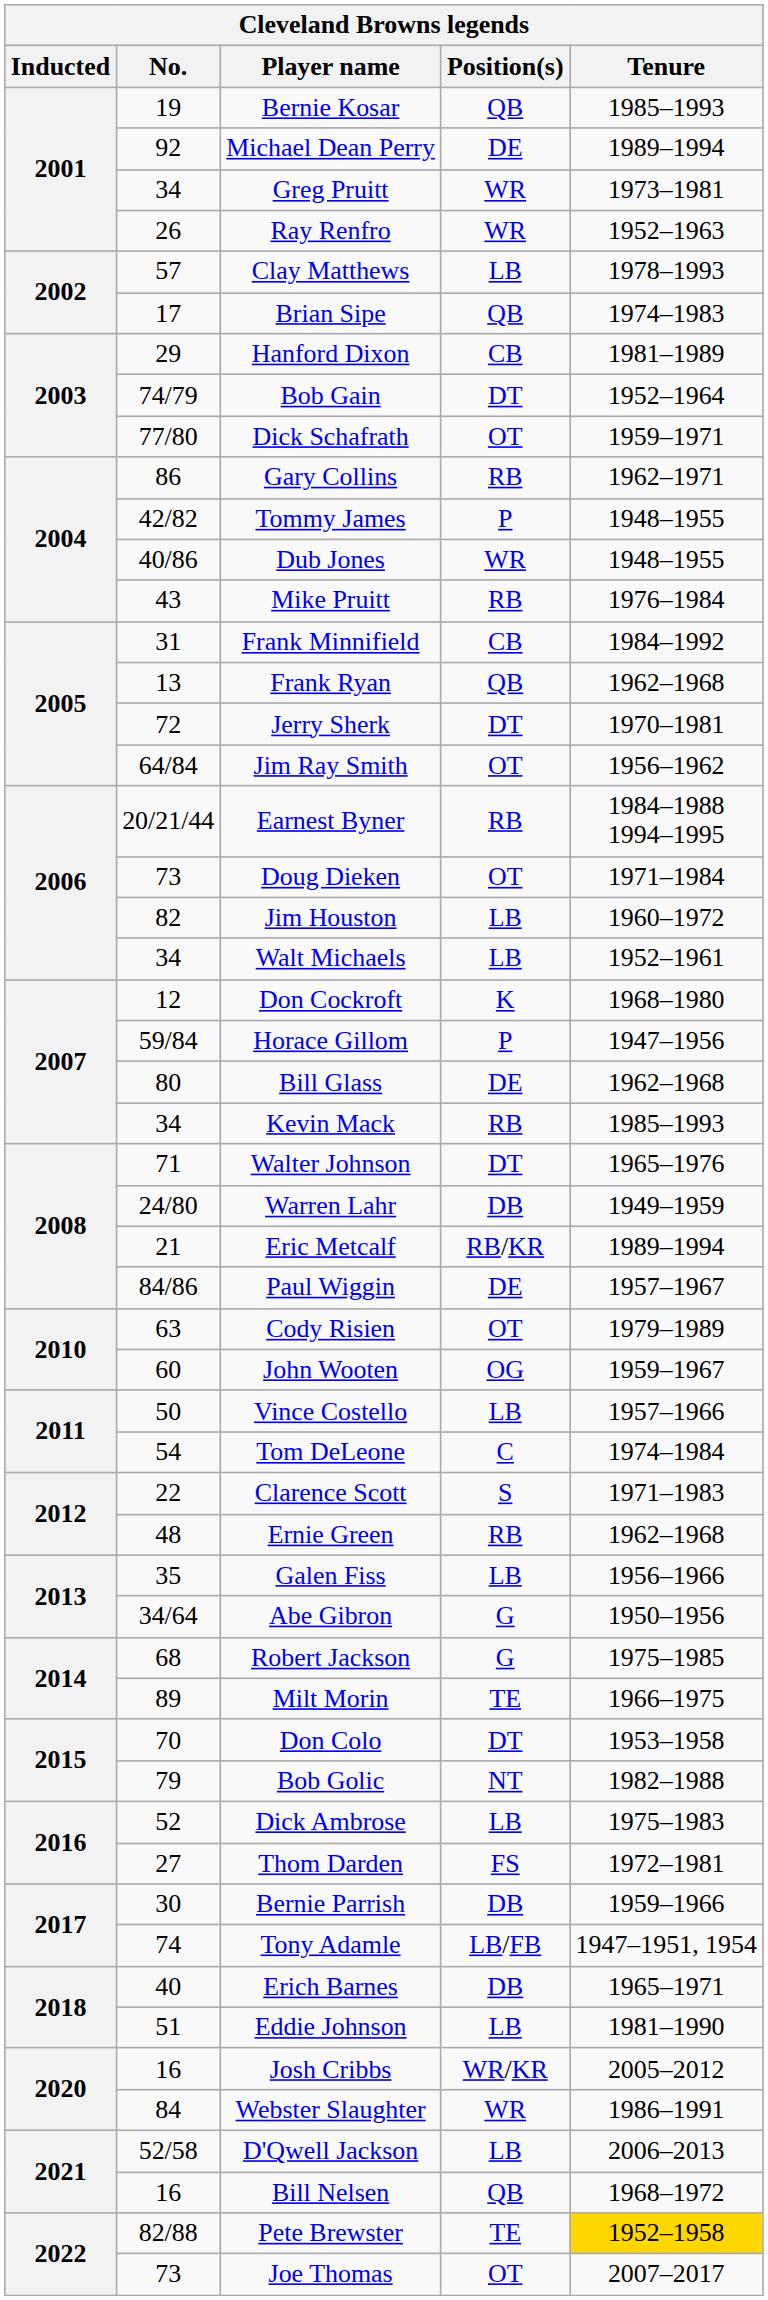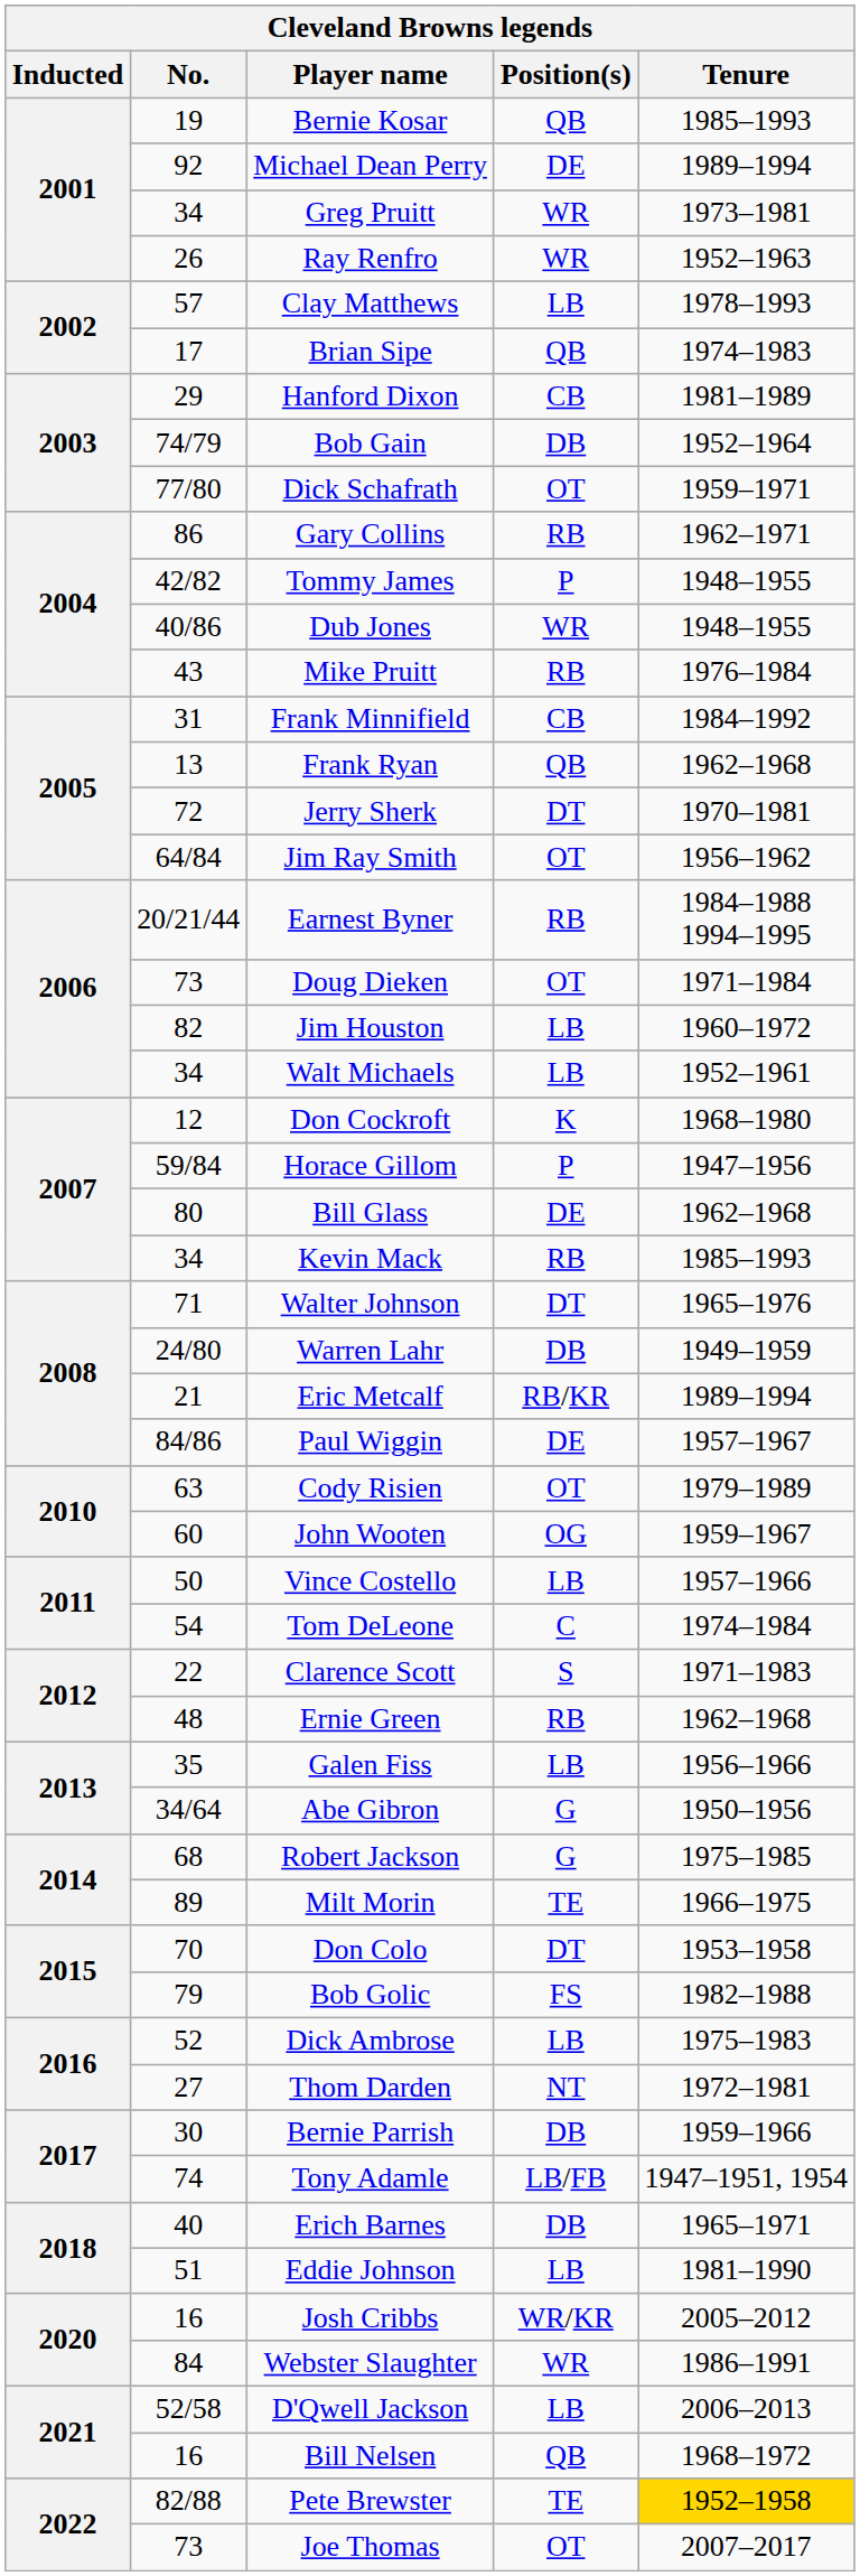 <table class="wikitable" style="text-align:center">
 <tr>
 <th colspan="5">Cleveland Browns legends</th>
 </tr>
 <tr>
 <th>Inducted</th>
 <th>No.</th>
 <th>Player name</th>
 <th>Position(s)</th>
 <th>Tenure</th>
 </tr>
 <tr>
 <th style="text-align:center;" rowspan=4>2001</th>
 <td style="text-align:center;">19</td>
 <td style="text-align:center;"><a href='#'>Bernie Kosar</a></td>
 <td style="text-align:center;"><a href='#'>QB</a></td>
 <td style="text-align:center;">1985–1993</td>
 </tr>
 <tr>
 <td style="text-align:center;">92</td>
 <td style="text-align:center;"><a href='#'>Michael Dean Perry</a></td>
 <td style="text-align:center;"><a href='#'>DE</a></td>
 <td style="text-align:center;">1989–1994</td>
 </tr>
 <tr>
 <td style="text-align:center;">34</td>
 <td style="text-align:center;"><a href='#'>Greg Pruitt</a></td>
 <td style="text-align:center;"><a href='#'>WR</a></td>
 <td style="text-align:center;">1973–1981</td>
 </tr>
 <tr>
 <td style="text-align:center;">26</td>
 <td style="text-align:center;"><a href='#'>Ray Renfro</a></td>
 <td style="text-align:center;"><a href='#'>WR</a></td>
 <td style="text-align:center;">1952–1963</td>
 </tr>
 <tr>
 <th style="text-align:center;" rowspan=2>2002</th>
 <td style="text-align:center;">57</td>
 <td style="text-align:center;"><a href='#'>Clay Matthews</a></td>
 <td style="text-align:center;"><a href='#'>LB</a></td>
 <td style="text-align:center;">1978–1993</td>
 </tr>
 <tr>
 <td style="text-align:center;">17</td>
 <td style="text-align:center;"><a href='#'>Brian Sipe</a></td>
 <td style="text-align:center;"><a href='#'>QB</a></td>
 <td style="text-align:center;">1974–1983</td>
 </tr>
 <tr>
 <th style="text-align:center;" rowspan=3>2003</th>
 <td style="text-align:center;">29</td>
 <td style="text-align:center;"><a href='#'>Hanford Dixon</a></td>
 <td style="text-align:center;"><a href='#'>CB</a></td>
 <td style="text-align:center;">1981–1989</td>
 </tr>
 <tr>
 <td style="text-align:center;">74/79</td>
 <td style="text-align:center;"><a href='#'>Bob Gain</a></td>
-<td style="text-align:center;"><a href='#'>DT</a></td>
+<td style="text-align:center;"><a href='#'>DB</a></td>
 <td style="text-align:center;">1952–1964</td>
 </tr>
 <tr>
 <td style="text-align:center;">77/80</td>
 <td style="text-align:center;"><a href='#'>Dick Schafrath</a></td>
 <td style="text-align:center;"><a href='#'>OT</a></td>
 <td style="text-align:center;">1959–1971</td>
 </tr>
 <tr>
 <th style="text-align:center;" rowspan=4>2004</th>
 <td style="text-align:center;">86</td>
 <td style="text-align:center;"><a href='#'>Gary Collins</a></td>
 <td style="text-align:center;"><a href='#'>RB</a></td>
 <td style="text-align:center;">1962–1971</td>
 </tr>
 <tr>
 <td style="text-align:center;">42/82</td>
 <td style="text-align:center;"><a href='#'>Tommy James</a></td>
 <td style="text-align:center;"><a href='#'>P</a></td>
 <td style="text-align:center;">1948–1955</td>
 </tr>
 <tr>
 <td style="text-align:center;">40/86</td>
 <td style="text-align:center;"><a href='#'>Dub Jones</a></td>
 <td style="text-align:center;"><a href='#'>WR</a></td>
 <td style="text-align:center;">1948–1955</td>
 </tr>
 <tr>
 <td style="text-align:center;">43</td>
 <td style="text-align:center;"><a href='#'>Mike Pruitt</a></td>
 <td style="text-align:center;"><a href='#'>RB</a></td>
 <td style="text-align:center;">1976–1984</td>
 </tr>
 <tr>
 <th style="text-align:center;" rowspan=4>2005</th>
 <td style="text-align:center;">31</td>
 <td style="text-align:center;"><a href='#'>Frank Minnifield</a></td>
 <td style="text-align:center;"><a href='#'>CB</a></td>
 <td style="text-align:center;">1984–1992</td>
 </tr>
 <tr>
 <td style="text-align:center;">13</td>
 <td style="text-align:center;"><a href='#'>Frank Ryan</a></td>
 <td style="text-align:center;"><a href='#'>QB</a></td>
 <td style="text-align:center;">1962–1968</td>
 </tr>
 <tr>
 <td style="text-align:center;">72</td>
 <td style="text-align:center;"><a href='#'>Jerry Sherk</a></td>
 <td style="text-align:center;"><a href='#'>DT</a></td>
 <td style="text-align:center;">1970–1981</td>
 </tr>
 <tr>
 <td style="text-align:center;">64/84</td>
 <td style="text-align:center;"><a href='#'>Jim Ray Smith</a></td>
 <td style="text-align:center;"><a href='#'>OT</a></td>
 <td style="text-align:center;">1956–1962</td>
 </tr>
 <tr>
 <th style="text-align:center;"  rowspan=4>2006</th>
 <td style="text-align:center;">20/21/44</td>
 <td style="text-align:center;"><a href='#'>Earnest Byner</a></td>
 <td style="text-align:center;"><a href='#'>RB</a></td>
 <td style="text-align:center;">1984–1988<br>1994–1995</td>
 </tr>
 <tr>
 <td style="text-align:center;">73</td>
 <td style="text-align:center;"><a href='#'>Doug Dieken</a></td>
 <td style="text-align:center;"><a href='#'>OT</a></td>
 <td style="text-align:center;">1971–1984</td>
 </tr>
 <tr>
 <td style="text-align:center;">82</td>
 <td style="text-align:center;"><a href='#'>Jim Houston</a></td>
 <td style="text-align:center;"><a href='#'>LB</a></td>
 <td style="text-align:center;">1960–1972</td>
 </tr>
 <tr>
 <td style="text-align:center;">34</td>
 <td style="text-align:center;"><a href='#'>Walt Michaels</a></td>
 <td style="text-align:center;"><a href='#'>LB</a></td>
 <td style="text-align:center;">1952–1961</td>
 </tr>
 <tr>
 <th style="text-align:center;"  rowspan=4>2007</th>
 <td style="text-align:center;">12</td>
 <td style="text-align:center;"><a href='#'>Don Cockroft</a></td>
 <td style="text-align:center;"><a href='#'>K</a></td>
 <td style="text-align:center;">1968–1980</td>
 </tr>
 <tr>
 <td style="text-align:center;">59/84</td>
 <td style="text-align:center;"><a href='#'>Horace Gillom</a></td>
 <td style="text-align:center;"><a href='#'>P</a></td>
 <td style="text-align:center;">1947–1956</td>
 </tr>
 <tr>
 <td style="text-align:center;">80</td>
 <td style="text-align:center;"><a href='#'>Bill Glass</a></td>
 <td style="text-align:center;"><a href='#'>DE</a></td>
 <td style="text-align:center;">1962–1968</td>
 </tr>
 <tr>
 <td style="text-align:center;">34</td>
 <td style="text-align:center;"><a href='#'>Kevin Mack</a></td>
 <td style="text-align:center;"><a href='#'>RB</a></td>
 <td style="text-align:center;">1985–1993</td>
 </tr>
 <tr>
 <th style="text-align:center;"  rowspan=4>2008</th>
 <td style="text-align:center;">71</td>
 <td style="text-align:center;"><a href='#'>Walter Johnson</a></td>
 <td style="text-align:center;"><a href='#'>DT</a></td>
 <td style="text-align:center;">1965–1976</td>
 </tr>
 <tr>
 <td style="text-align:center;">24/80</td>
 <td style="text-align:center;"><a href='#'>Warren Lahr</a></td>
 <td style="text-align:center;"><a href='#'>DB</a></td>
 <td style="text-align:center;">1949–1959</td>
 </tr>
 <tr>
 <td style="text-align:center;">21</td>
 <td style="text-align:center;"><a href='#'>Eric Metcalf</a></td>
 <td style="text-align:center;"><a href='#'>RB</a>/<a href='#'>KR</a></td>
 <td style="text-align:center;">1989–1994</td>
 </tr>
 <tr>
 <td style="text-align:center;">84/86</td>
 <td style="text-align:center;"><a href='#'>Paul Wiggin</a></td>
 <td style="text-align:center;"><a href='#'>DE</a></td>
 <td style="text-align:center;">1957–1967</td>
 </tr>
 <tr>
 <th style="text-align:center;" rowspan=2>2010</th>
 <td style="text-align:center;">63</td>
 <td style="text-align:center;"><a href='#'>Cody Risien</a></td>
 <td style="text-align:center;"><a href='#'>OT</a></td>
 <td style="text-align:center;">1979–1989</td>
 </tr>
 <tr>
 <td style="text-align:center;">60</td>
 <td style="text-align:center;"><a href='#'>John Wooten</a></td>
 <td style="text-align:center;"><a href='#'>OG</a></td>
 <td style="text-align:center;">1959–1967</td>
 </tr>
 <tr>
 <th style="text-align:center;" rowspan=2>2011</th>
 <td style="text-align:center;">50</td>
 <td style="text-align:center;"><a href='#'>Vince Costello</a></td>
 <td style="text-align:center;"><a href='#'>LB</a></td>
 <td style="text-align:center;">1957–1966</td>
 </tr>
 <tr>
 <td style="text-align:center;">54</td>
 <td style="text-align:center;"><a href='#'>Tom DeLeone</a></td>
 <td style="text-align:center;"><a href='#'>C</a></td>
 <td style="text-align:center;">1974–1984</td>
 </tr>
 <tr>
 <th style="text-align:center;" rowspan=2>2012</th>
 <td style="text-align:center;">22</td>
 <td style="text-align:center;"><a href='#'>Clarence Scott</a></td>
 <td style="text-align:center;"><a href='#'>S</a></td>
 <td style="text-align:center;">1971–1983</td>
 </tr>
 <tr>
 <td style="text-align:center;">48</td>
 <td style="text-align:center;"><a href='#'>Ernie Green</a></td>
 <td style="text-align:center;"><a href='#'>RB</a></td>
 <td style="text-align:center;">1962–1968</td>
 </tr>
 <tr>
 <th style="text-align:center;" rowspan=2>2013</th>
 <td style="text-align:center;">35</td>
 <td style="text-align:center;"><a href='#'>Galen Fiss</a></td>
 <td style="text-align:center;"><a href='#'>LB</a></td>
 <td style="text-align:center;">1956–1966</td>
 </tr>
 <tr>
 <td style="text-align:center;">34/64</td>
 <td style="text-align:center;"><a href='#'>Abe Gibron</a></td>
 <td style="text-align:center;"><a href='#'>G</a></td>
 <td style="text-align:center;">1950–1956</td>
 </tr>
 <tr>
 <th style="text-align:center;" rowspan=2>2014</th>
 <td style="text-align:center;">68</td>
 <td style="text-align:center;"><a href='#'>Robert Jackson</a></td>
 <td style="text-align:center;"><a href='#'>G</a></td>
 <td style="text-align:center;">1975–1985</td>
 </tr>
 <tr>
 <td style="text-align:center;">89</td>
 <td style="text-align:center;"><a href='#'>Milt Morin</a></td>
 <td style="text-align:center;"><a href='#'>TE</a></td>
 <td style="text-align:center;">1966–1975</td>
 </tr>
 <tr>
 <th style="text-align:center;" rowspan=2>2015</th>
 <td style="text-align:center;">70</td>
 <td style="text-align:center;"><a href='#'>Don Colo</a></td>
 <td style="text-align:center;"><a href='#'>DT</a></td>
 <td style="text-align:center;">1953–1958</td>
 </tr>
 <tr>
 <td style="text-align:center;">79</td>
 <td style="text-align:center;"><a href='#'>Bob Golic</a></td>
-<td style="text-align:center;"><a href='#'>NT</a></td>
+<td style="text-align:center;"><a href='#'>FS</a></td>
 <td style="text-align:center;">1982–1988</td>
 </tr>
 <tr>
 <th style="text-align:center;" rowspan=2>2016</th>
 <td style="text-align:center;">52</td>
 <td style="text-align:center;"><a href='#'>Dick Ambrose</a></td>
 <td style="text-align:center;"><a href='#'>LB</a></td>
 <td style="text-align:center;">1975–1983</td>
 </tr>
 <tr>
 <td style="text-align:center;">27</td>
 <td style="text-align:center;"><a href='#'>Thom Darden</a></td>
-<td style="text-align:center;"><a href='#'>FS</a></td>
+<td style="text-align:center;"><a href='#'>NT</a></td>
 <td style="text-align:center;">1972–1981</td>
 </tr>
 <tr>
 <th style="text-align:center;" rowspan=2>2017</th>
 <td style="text-align:center;">30</td>
 <td style="text-align:center;"><a href='#'>Bernie Parrish</a></td>
 <td style="text-align:center;"><a href='#'>DB</a></td>
 <td style="text-align:center;">1959–1966</td>
 </tr>
 <tr>
 <td style="text-align:center;">74</td>
 <td style="text-align:center;"><a href='#'>Tony Adamle</a></td>
 <td style="text-align:center;"><a href='#'>LB</a>/<a href='#'>FB</a></td>
 <td style="text-align:center;">1947–1951, 1954</td>
 </tr>
 <tr>
 <th style="text-align:center;" rowspan=2>2018</th>
 <td style="text-align:center;">40</td>
 <td style="text-align:center;"><a href='#'>Erich Barnes</a></td>
 <td style="text-align:center;"><a href='#'>DB</a></td>
 <td style="text-align:center;">1965–1971</td>
 </tr>
 <tr>
 <td style="text-align:center;">51</td>
 <td style="text-align:center;"><a href='#'>Eddie Johnson</a></td>
 <td style="text-align:center;"><a href='#'>LB</a></td>
 <td style="text-align:center;">1981–1990</td>
 </tr>
 <tr>
 <th style="text-align:center;" rowspan=2>2020</th>
 <td style="text-align:center;">16</td>
 <td style="text-align:center;"><a href='#'>Josh Cribbs</a></td>
 <td style="text-align:center;"><a href='#'>WR</a>/<a href='#'>KR</a></td>
 <td style="text-align:center;">2005–2012</td>
 </tr>
 <tr>
 <td style="text-align:center;">84</td>
 <td style="text-align:center;"><a href='#'>Webster Slaughter</a></td>
 <td style="text-align:center;"><a href='#'>WR</a></td>
 <td style="text-align:center;">1986–1991</td>
 </tr>
 <tr>
 <th style="text-align:center;" rowspan=2>2021</th>
 <td style="text-align:center;">52/58</td>
 <td style="text-align:center;"><a href='#'>D'Qwell Jackson</a></td>
 <td style="text-align:center;"><a href='#'>LB</a></td>
 <td style="text-align:center;">2006–2013</td>
 </tr>
 <tr>
 <td style="text-align:center;">16</td>
 <td style="text-align:center;"><a href='#'>Bill Nelsen</a></td>
 <td style="text-align:center;"><a href='#'>QB</a></td>
 <td style="text-align:center;">1968–1972</td>
 </tr>
 <tr>
 <th style="text-align:center;" rowspan=2>2022</th>
 <td style="text-align:center;">82/88</td>
 <td style="text-align:center;"><a href='#'>Pete Brewster</a></td>
 <td style="text-align:center;"><a href='#'>TE</a></td>
 <td style="background: gold; text-align:center;">1952–1958</td>
 </tr>
 <tr>
 <td style="text-align:center;">73</td>
 <td style="text-align:center;"><a href='#'>Joe Thomas</a></td>
 <td style="text-align:center;"><a href='#'>OT</a></td>
 <td style="text-align:center;">2007–2017</td>
 </tr>
 </table>
